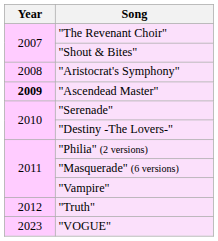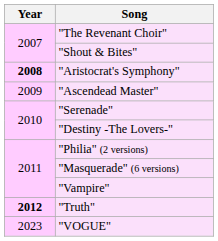 <table class="wikitable">
 <tr>
 <th width="60">Year</th>
 <th width="200">Song</th>
 </tr>
 <tr>
 <td align="center" rowspan=2 bgcolor="FFCCFF">2007</td>
 <td bgcolor="FBE0FB">"The Revenant Choir"</td>
 </tr>
 <tr>
 <td bgcolor="FBE0FB">"Shout & Bites"</td>
 </tr>
 <tr>
-<td align="center" rowspan=1 bgcolor="FFCCFF">2008</td>
+<td align="center" rowspan=1 bgcolor="FFCCFF"><strong>2008</strong></td>
 <td bgcolor="FBE0FB">"Aristocrat's Symphony"</td>
 </tr>
 <tr>
-<td align="center" rowspan=1 bgcolor="FFCCFF"><strong>2009</strong></td>
+<td align="center" rowspan=1 bgcolor="FFCCFF">2009</td>
 <td bgcolor="FBE0FB">"Ascendead Master"</td>
 </tr>
 <tr>
 <td align="center" rowspan=2 bgcolor="FFCCFF">2010</td>
 <td bgcolor="FBE0FB">"Serenade"</td>
 </tr>
 <tr>
 <td bgcolor="FBE0FB">"Destiny -The Lovers-"</td>
 </tr>
 <tr>
 <td align="center" rowspan=3 bgcolor="FFCCFF">2011</td>
 <td bgcolor="FBE0FB">"Philia" <small>(2 versions)</small></td>
 </tr>
 <tr>
 <td bgcolor="FBE0FB">"Masquerade" <small>(6 versions)</small></td>
 </tr>
 <tr>
 <td bgcolor="FBE0FB">"Vampire"</td>
 </tr>
 <tr>
-<td align="center" bgcolor="FFCCFF">2012</td>
+<td align="center" bgcolor="FFCCFF"><strong>2012</strong></td>
 <td bgcolor="FBE0FB">"Truth"</td>
 </tr>
 <tr>
 <td align="center" bgcolor="FFCCFF">2023</td>
 <td bgcolor="FBE0FB">"VOGUE"</td>
 </tr>
 </table>
